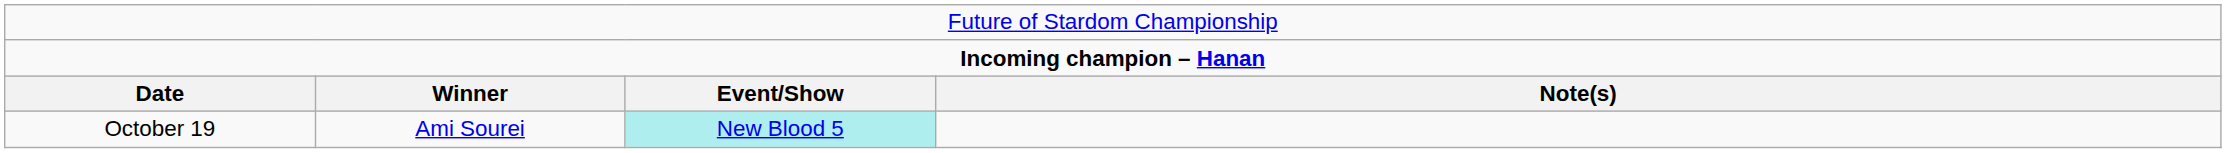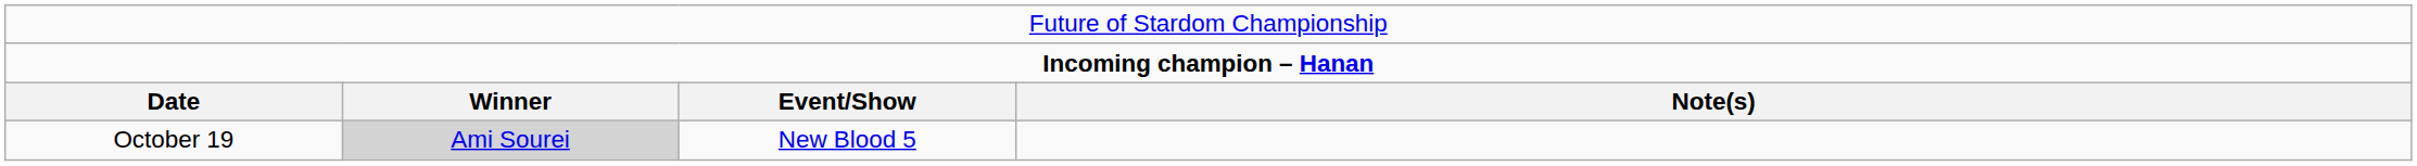 <table class="wikitable" style="text-align:center; width:100%;">
 <tr>
 <td colspan="4" style="text-align: center;"><a href='#'>Future of Stardom Championship</a></td>
 </tr>
 <tr>
 <td colspan="4" style="text-align: center;"><strong>Incoming champion – <a href='#'>Hanan</a></strong></td>
 </tr>
 <tr>
 <th width=14%>Date</th>
 <th width=14%>Winner</th>
 <th width=14%>Event/Show</th>
 <th width=58%>Note(s)</th>
 </tr>
 <tr>
 <td>October 19</td>
-<td><a href='#'>Ami Sourei</a></td>
-<td style="background: paleturquoise;"><a href='#'>New Blood 5</a></td>
+<td style="background: lightgrey;"><a href='#'>Ami Sourei</a></td>
+<td><a href='#'>New Blood 5</a></td>
 <td></td>
 </tr>
 </table>
